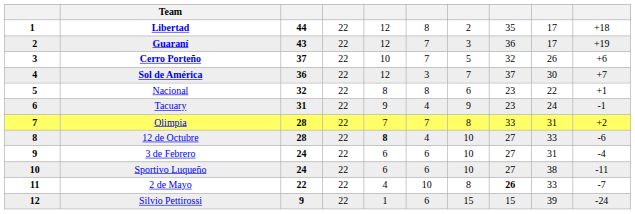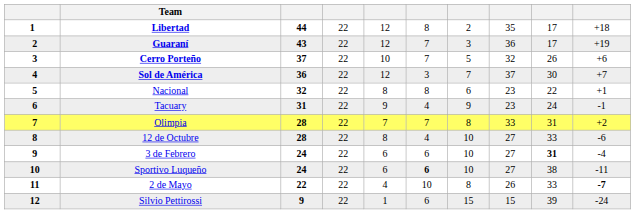 <table class="wikitable" width=80%>
 <tr style="background:#dddddd;">
 <th Pos></th>
 <th>Team</th>
 <th Pts></th>
 <th GP></th>
 <th W></th>
 <th D></th>
 <th L></th>
 <th GF></th>
 <th GA></th>
 <th DIFF></th>
 </tr>
 <tr align=center style="background:#FFFFFF;">
 <td align=center><strong>1</strong></td>
 <td><strong><a href='#'>Libertad</a></strong></td>
 <td><strong>44</strong></td>
 <td>22</td>
 <td>12</td>
 <td>8</td>
 <td>2</td>
 <td>35</td>
 <td>17</td>
 <td>+18</td>
 </tr>
 <tr align=center style="background:#eeeeee;">
 <td align=center>  <strong>2</strong></td>
 <td><strong> <a href='#'>Guaraní</a></strong></td>
 <td><strong>43</strong></td>
 <td>22</td>
 <td>12</td>
 <td>7</td>
 <td>3</td>
 <td>36</td>
 <td>17</td>
 <td>+19</td>
 </tr>
 <tr align=center style="background:#ffffff;">
 <td align=center>  <strong>3</strong></td>
 <td><strong> <a href='#'>Cerro Porteño</a></strong></td>
 <td><strong>37</strong></td>
 <td>22</td>
 <td>10</td>
 <td>7</td>
 <td>5</td>
 <td>32</td>
 <td>26</td>
 <td>+6</td>
 </tr>
 <tr align=center style="background:#eeeeee;">
 <td align=center>  <strong>4</strong></td>
 <td><strong> <a href='#'>Sol de América</a></strong></td>
 <td><strong>36</strong></td>
 <td>22</td>
 <td>12</td>
 <td>3</td>
 <td>7</td>
 <td>37</td>
 <td>30</td>
 <td>+7</td>
 </tr>
 <tr align=center style="background:#ffffff;">
 <td align=center>  <strong>5</strong></td>
 <td><a href='#'>Nacional</a></td>
 <td><strong>32</strong></td>
 <td>22</td>
 <td>8</td>
 <td>8</td>
 <td>6</td>
 <td>23</td>
 <td>22</td>
 <td>+1</td>
 </tr>
 <tr align=center style="background:#eeeeee;">
 <td align=center>  <strong>6</strong></td>
 <td><a href='#'>Tacuary</a></td>
 <td><strong>31</strong></td>
 <td>22</td>
 <td>9</td>
 <td>4</td>
 <td>9</td>
 <td>23</td>
 <td>24</td>
 <td>-1</td>
 </tr>
 <tr align=center style="background:#ffff66;">
 <td align=center>  <strong>7</strong></td>
 <td><a href='#'>Olimpia</a></td>
 <td><strong>28</strong></td>
 <td>22</td>
 <td>7</td>
 <td>7</td>
 <td>8</td>
 <td>33</td>
 <td>31</td>
 <td>+2</td>
 </tr>
 <tr align=center style="background:#eeeeee;">
 <td align=center>  <strong>8</strong></td>
 <td><a href='#'>12 de Octubre</a></td>
 <td><strong>28</strong></td>
 <td>22</td>
-<td><strong>8</strong></td>
+<td>8</td>
 <td>4</td>
 <td>10</td>
 <td>27</td>
 <td>33</td>
 <td>-6</td>
 </tr>
 <tr align=center style="background:#ffffff;">
 <td align=center>  <strong>9</strong></td>
 <td><a href='#'>3 de Febrero</a></td>
 <td><strong>24</strong></td>
 <td>22</td>
 <td>6</td>
 <td>6</td>
 <td>10</td>
 <td>27</td>
-<td>31</td>
+<td><strong>31</strong></td>
 <td>-4</td>
 </tr>
 <tr align=center style="background:#eeeeee;">
 <td align=center>  <strong>10</strong></td>
 <td><a href='#'>Sportivo Luqueño</a></td>
 <td><strong>24</strong></td>
 <td>22</td>
 <td>6</td>
-<td>6</td>
+<td><strong>6</strong></td>
 <td>10</td>
 <td>27</td>
 <td>38</td>
 <td>-11</td>
 </tr>
 <tr align=center style="background:#ffffff;">
 <td align=center>  <strong>11</strong></td>
 <td><a href='#'>2 de Mayo</a></td>
 <td><strong>22</strong></td>
 <td>22</td>
 <td>4</td>
 <td>10</td>
 <td>8</td>
-<td><strong>26</strong></td>
+<td>26</td>
 <td>33</td>
-<td>-7</td>
+<td><strong>-7</strong></td>
 </tr>
 <tr align=center style="background:#eeeeee;">
 <td align=center>  <strong>12</strong></td>
 <td><a href='#'>Silvio Pettirossi</a></td>
 <td><strong>9</strong></td>
 <td>22</td>
 <td>1</td>
 <td>6</td>
 <td>15</td>
 <td>15</td>
 <td>39</td>
 <td>-24</td>
 </tr>
 </table>
